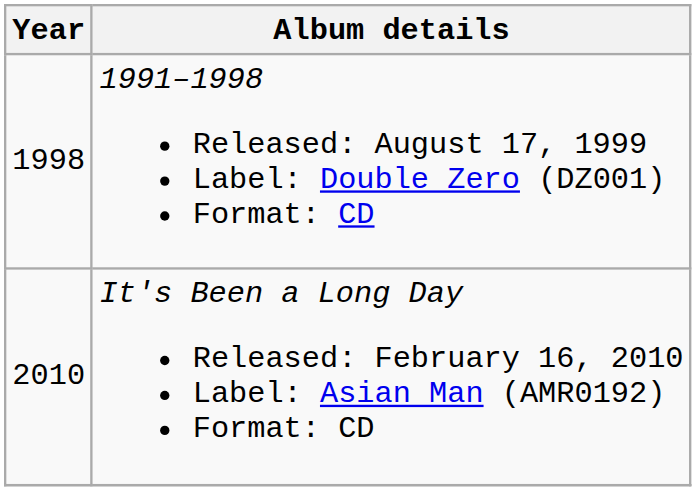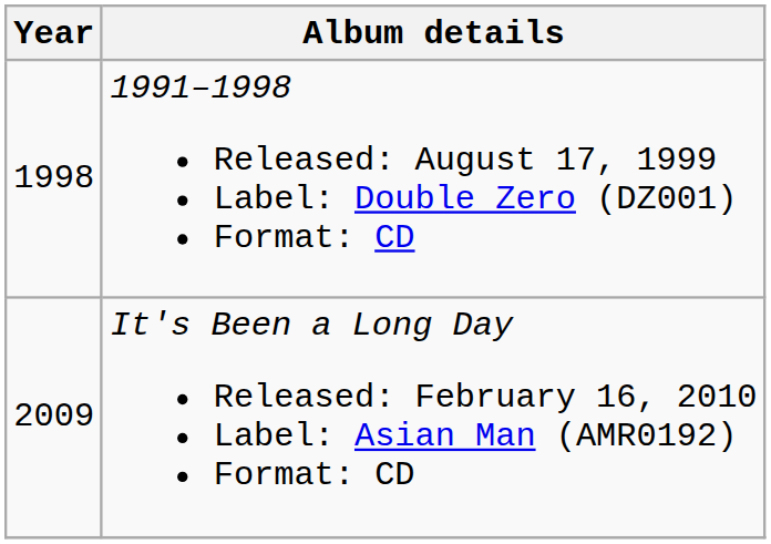 <table class ="wikitable">
 <tr>
 <th>Year</th>
 <th>Album details</th>
 </tr>
 <tr>
 <td>1998</td>
 <td><em>1991–1998</em><br><ul><li>Released: August 17, 1999</li><li>Label: <a href='#'>Double Zero</a> (DZ001)</li><li>Format: <a href='#'>CD</a></li></ul></td>
 </tr>
 <tr>
-<td>2010</td>
+<td>2009</td>
 <td><em>It's Been a Long Day</em><br><ul><li>Released: February 16, 2010</li><li>Label: <a href='#'>Asian Man</a> (AMR0192)</li><li>Format: CD</li></ul></td>
 </tr>
 <tr>
 </tr>
 </table>
